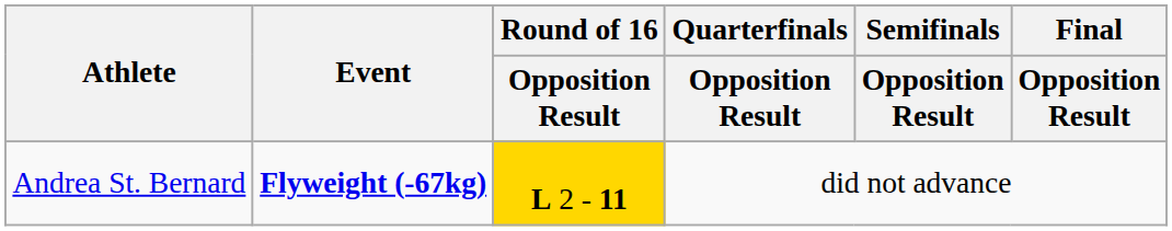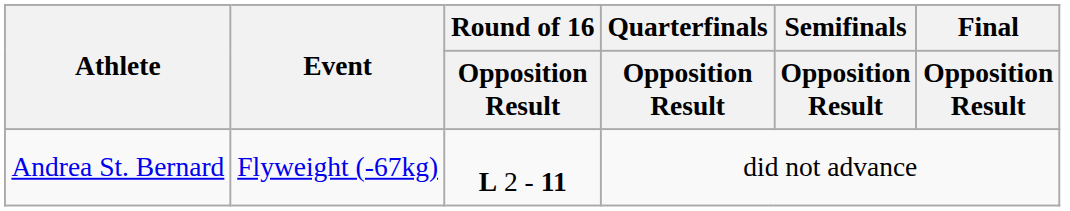 <table class="wikitable" style="font-size:90%">
 <tr>
 <th rowspan="2">Athlete</th>
 <th rowspan="2">Event</th>
 <th>Round of 16</th>
 <th>Quarterfinals</th>
 <th>Semifinals</th>
 <th>Final</th>
 </tr>
 <tr>
 <th>Opposition<br>Result</th>
 <th>Opposition<br>Result</th>
 <th>Opposition<br>Result</th>
 <th>Opposition<br>Result</th>
 </tr>
 <tr>
 <td><a href='#'>Andrea St. Bernard</a></td>
-<td><strong><a href='#'>Flyweight (-67kg)</a></strong></td>
-<td align=center style="background: gold;"><br><strong>L</strong> 2 - <strong>11</strong></td>
+<td><a href='#'>Flyweight (-67kg)</a></td>
+<td align=center><br><strong>L</strong> 2 - <strong>11</strong></td>
 <td align=center colspan="7">did not advance</td>
 </tr>
 </table>
